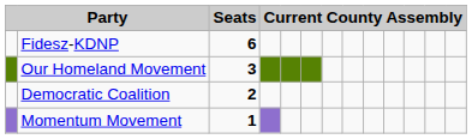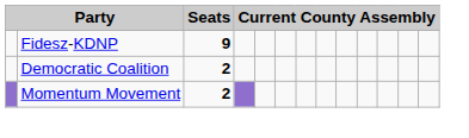 <table class="wikitable">
 <tr>
 <th style="background:#ccc" colspan="2">Party</th>
 <th style="background:#ccc">Seats</th>
 <th style="background:#ccc" colspan="10">Current County Assembly</th>
 </tr>
 <tr>
 <td style="background-color: "> </td>
 <td><a href='#'>Fidesz</a>-<a href='#'>KDNP</a></td>
-<td style="text-align: right"><strong>6</strong></td>
+<td style="text-align: right"><strong>9</strong></td>
 <td style="background-color: "> </td>
 <td style="background-color: "> </td>
 <td style="background-color: "> </td>
 <td style="background-color: "> </td>
 <td style="background-color: "> </td>
 <td style="background-color: "> </td>
 <td style="background-color: "> </td>
 <td style="background-color: "> </td>
 <td style="background-color: "> </td>
-<td> </td>
-</tr>
-<tr>
-<td style="background-color: #568203"> </td>
-<td><a href='#'>Our Homeland Movement</a></td>
-<td style="text-align: right"><strong>3</strong></td>
-<td style="background-color: #568203"> </td>
-<td style="background-color: #568203"> </td>
-<td style="background-color: #568203"> </td>
-<td> </td>
-<td> </td>
-<td> </td>
-<td> </td>
-<td> </td>
-<td> </td>
 <td> </td>
 </tr>
 <tr>
 <td style="background-color: "> </td>
 <td><a href='#'>Democratic Coalition</a></td>
 <td style="text-align: right"><strong>2</strong></td>
 <td style="background-color: "> </td>
 <td style="background-color: "> </td>
 <td> </td>
 <td> </td>
 <td> </td>
 <td> </td>
 <td> </td>
 <td> </td>
 <td> </td>
 <td> </td>
 </tr>
 <tr>
 <td style="background-color: #8E6FCE"> </td>
 <td><a href='#'>Momentum Movement</a></td>
-<td style="text-align: right"><strong>1</strong></td>
+<td style="text-align: right"><strong>2</strong></td>
 <td style="background-color: #8E6FCE"> </td>
 <td> </td>
 <td> </td>
 <td> </td>
 <td> </td>
 <td> </td>
 <td> </td>
 <td> </td>
 <td> </td>
 <td> </td>
 </tr>
 </table>
